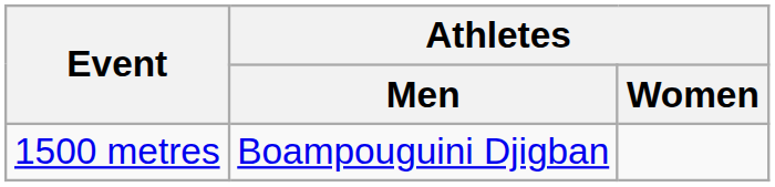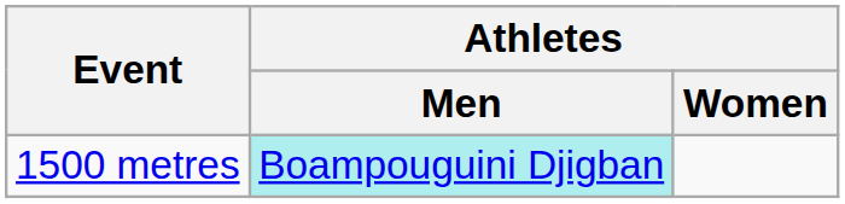 <table class=wikitable style="font-size:90%">
 <tr>
 <th rowspan=2>Event</th>
 <th colspan=2>Athletes</th>
 </tr>
 <tr>
 <th>Men</th>
 <th>Women</th>
 </tr>
 <tr>
 <td><a href='#'>1500 metres</a></td>
-<td><a href='#'>Boampouguini Djigban</a></td>
+<td style="background: paleturquoise;"><a href='#'>Boampouguini Djigban</a></td>
 <td></td>
 </tr>
 </table>
